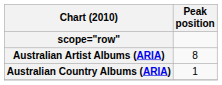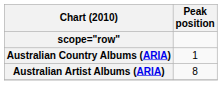 <table class="wikitable sortable plainrowheaders">
 <tr>
 <th scope="col">Chart (2010)</th>
 <th scope="col">Peak<br>position</th>
 </tr>
 <tr>
 <th>scope="row"</th>
 </tr>
 <tr>
+<th scope="row">Australian Country Albums (<a href='#'>ARIA</a>)</th>
+<td align="center">1</td>
+</tr>
+<tr>
 <th scope="row">Australian Artist Albums (<a href='#'>ARIA</a>)</th>
 <td align="center">8</td>
 </tr>
 <tr>
-<th scope="row">Australian Country Albums (<a href='#'>ARIA</a>)</th>
-<td align="center">1</td>
-</tr>
-<tr>
 </tr>
 </table>
